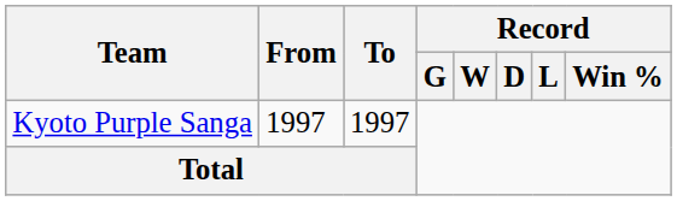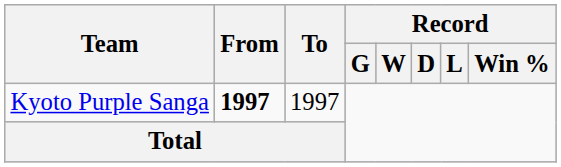 <table class="wikitable" style="text-align: center">
 <tr>
 <th rowspan="2">Team</th>
 <th rowspan="2">From</th>
 <th rowspan="2">To</th>
 <th colspan="5">Record</th>
 </tr>
 <tr>
 <th>G</th>
 <th>W</th>
 <th>D</th>
 <th>L</th>
 <th>Win %</th>
 </tr>
 <tr>
 <td align="left"><a href='#'>Kyoto Purple Sanga</a></td>
-<td align="left">1997</td>
+<td align="left"><strong>1997</strong></td>
 <td align="left">1997<br></td>
 </tr>
 <tr>
 <th colspan="3">Total<br></th>
 </tr>
 </table>
